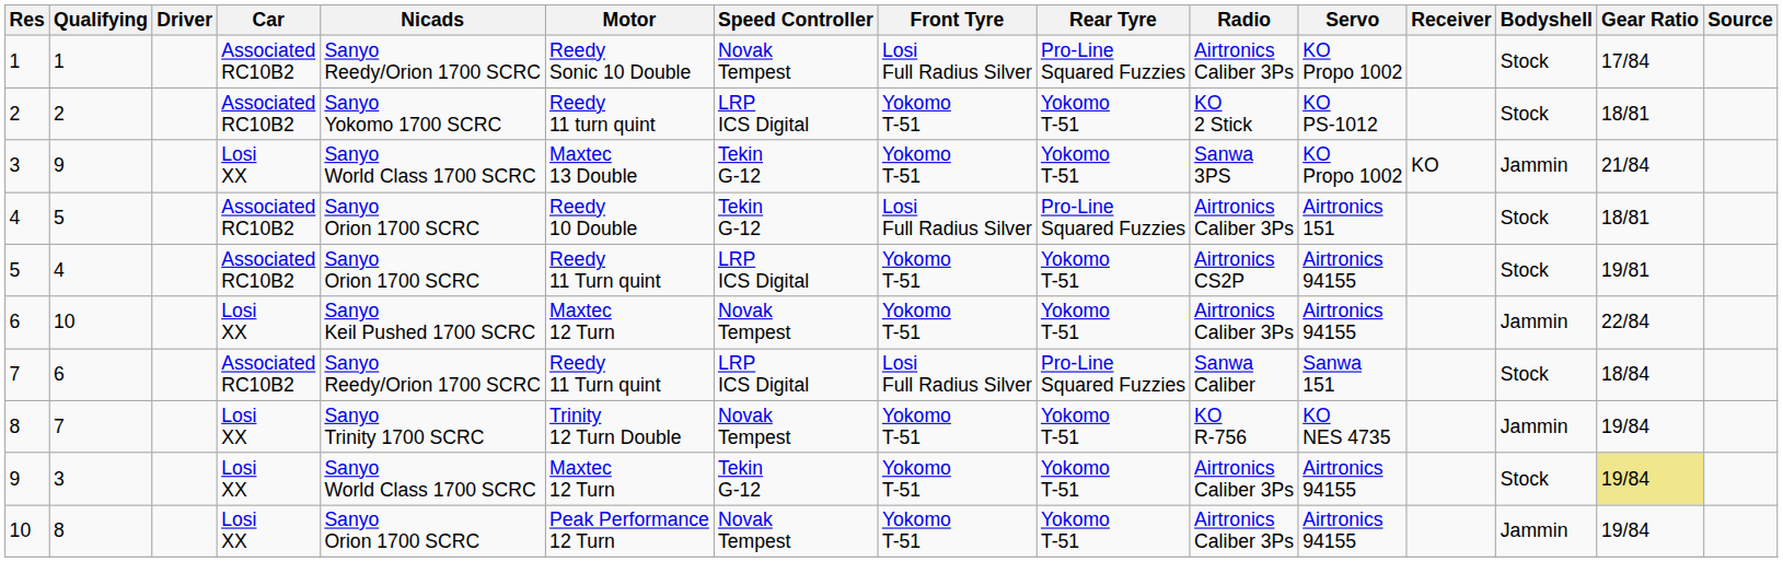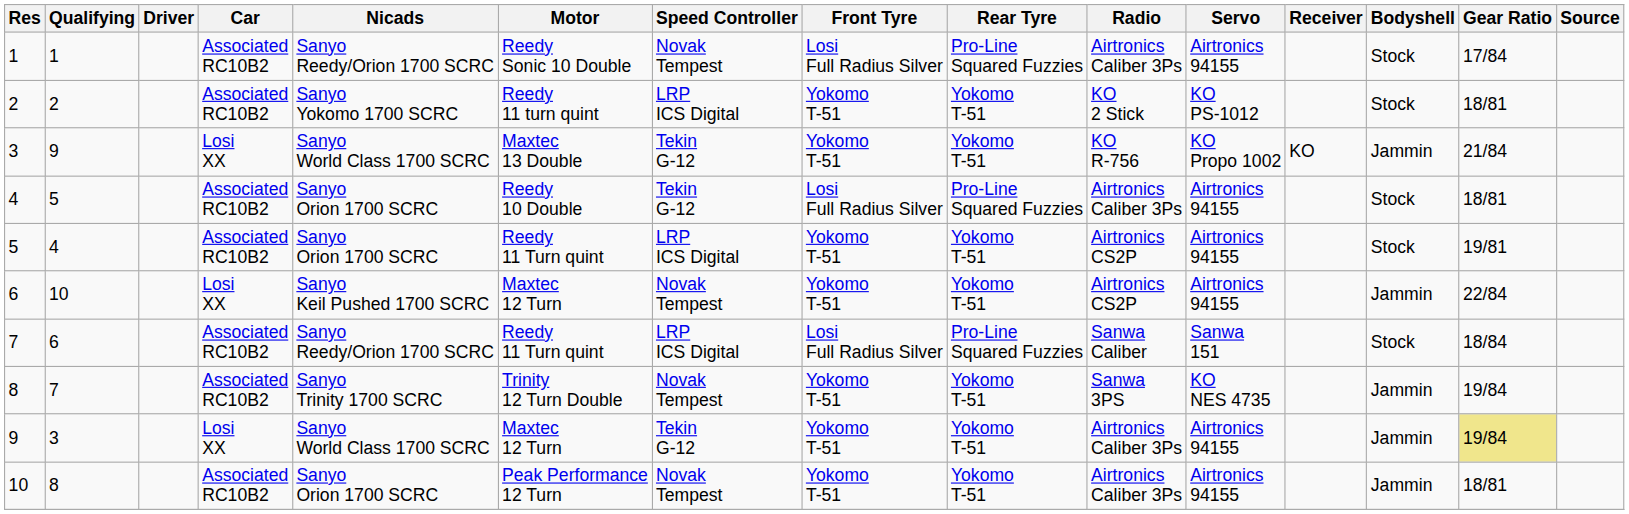 <table class="wikitable sortable">
 <tr>
 <th>Res</th>
 <th>Qualifying</th>
 <th>Driver</th>
 <th>Car</th>
 <th>Nicads</th>
 <th>Motor</th>
 <th>Speed Controller</th>
 <th>Front Tyre</th>
 <th>Rear Tyre</th>
 <th>Radio</th>
 <th>Servo</th>
 <th>Receiver</th>
 <th>Bodyshell</th>
 <th>Gear Ratio</th>
 <th>Source</th>
 </tr>
 <tr>
 <td>1</td>
 <td>1</td>
 <td></td>
 <td><a href='#'>Associated</a> <br> RC10B2</td>
 <td><a href='#'>Sanyo</a> <br> Reedy/Orion 1700 SCRC</td>
 <td><a href='#'>Reedy</a> <br> Sonic 10 Double</td>
 <td><a href='#'>Novak</a> <br> Tempest</td>
 <td><a href='#'>Losi</a> <br> Full Radius Silver</td>
 <td><a href='#'>Pro-Line</a> <br> Squared Fuzzies</td>
 <td><a href='#'>Airtronics</a> <br> Caliber 3Ps</td>
-<td><a href='#'>KO</a> <br> Propo 1002</td>
+<td><a href='#'>Airtronics</a> <br> 94155</td>
 <td></td>
 <td>Stock</td>
 <td>17/84</td>
 <td></td>
 </tr>
 <tr>
 <td>2</td>
 <td>2</td>
 <td></td>
 <td><a href='#'>Associated</a> <br> RC10B2</td>
 <td><a href='#'>Sanyo</a> <br> Yokomo 1700 SCRC</td>
 <td><a href='#'>Reedy</a> <br> 11 turn quint</td>
 <td><a href='#'>LRP</a> <br> ICS Digital</td>
 <td><a href='#'>Yokomo</a> <br> T-51</td>
 <td><a href='#'>Yokomo</a> <br> T-51</td>
 <td><a href='#'>KO</a> <br> 2 Stick</td>
 <td><a href='#'>KO</a> <br> PS-1012</td>
 <td></td>
 <td>Stock</td>
 <td>18/81</td>
 <td></td>
 </tr>
 <tr>
 <td>3</td>
 <td>9</td>
 <td></td>
 <td><a href='#'>Losi</a> <br> XX</td>
 <td><a href='#'>Sanyo</a> <br> World Class 1700 SCRC</td>
 <td><a href='#'>Maxtec</a> <br> 13 Double</td>
 <td><a href='#'>Tekin</a> <br> G-12</td>
 <td><a href='#'>Yokomo</a> <br> T-51</td>
 <td><a href='#'>Yokomo</a> <br> T-51</td>
-<td><a href='#'>Sanwa</a> <br> 3PS</td>
+<td><a href='#'>KO</a> <br> R-756</td>
 <td><a href='#'>KO</a> <br> Propo 1002</td>
 <td>KO</td>
 <td>Jammin</td>
 <td>21/84</td>
 <td></td>
 </tr>
 <tr>
 <td>4</td>
 <td>5</td>
 <td></td>
 <td><a href='#'>Associated</a> <br> RC10B2</td>
 <td><a href='#'>Sanyo</a> <br> Orion 1700 SCRC</td>
 <td><a href='#'>Reedy</a> <br> 10 Double</td>
 <td><a href='#'>Tekin</a> <br> G-12</td>
 <td><a href='#'>Losi</a> <br> Full Radius Silver</td>
 <td><a href='#'>Pro-Line</a> <br> Squared Fuzzies</td>
 <td><a href='#'>Airtronics</a> <br> Caliber 3Ps</td>
-<td><a href='#'>Airtronics</a> <br> 151</td>
+<td><a href='#'>Airtronics</a> <br> 94155</td>
 <td></td>
 <td>Stock</td>
 <td>18/81</td>
 <td></td>
 </tr>
 <tr>
 <td>5</td>
 <td>4</td>
 <td></td>
 <td><a href='#'>Associated</a> <br> RC10B2</td>
 <td><a href='#'>Sanyo</a> <br> Orion 1700 SCRC</td>
 <td><a href='#'>Reedy</a> <br> 11 Turn quint</td>
 <td><a href='#'>LRP</a> <br> ICS Digital</td>
 <td><a href='#'>Yokomo</a> <br> T-51</td>
 <td><a href='#'>Yokomo</a> <br> T-51</td>
 <td><a href='#'>Airtronics</a> <br> CS2P</td>
 <td><a href='#'>Airtronics</a> <br> 94155</td>
 <td></td>
 <td>Stock</td>
 <td>19/81</td>
 <td></td>
 </tr>
 <tr>
 <td>6</td>
 <td>10</td>
 <td></td>
 <td><a href='#'>Losi</a> <br> XX</td>
 <td><a href='#'>Sanyo</a> <br> Keil Pushed 1700 SCRC</td>
 <td><a href='#'>Maxtec</a> <br> 12 Turn</td>
 <td><a href='#'>Novak</a> <br> Tempest</td>
 <td><a href='#'>Yokomo</a> <br> T-51</td>
 <td><a href='#'>Yokomo</a> <br> T-51</td>
-<td><a href='#'>Airtronics</a> <br> Caliber 3Ps</td>
+<td><a href='#'>Airtronics</a> <br> CS2P</td>
 <td><a href='#'>Airtronics</a> <br> 94155</td>
 <td></td>
 <td>Jammin</td>
 <td>22/84</td>
 <td></td>
 </tr>
 <tr>
 <td>7</td>
 <td>6</td>
 <td></td>
 <td><a href='#'>Associated</a> <br> RC10B2</td>
 <td><a href='#'>Sanyo</a> <br> Reedy/Orion 1700 SCRC</td>
 <td><a href='#'>Reedy</a> <br> 11 Turn quint</td>
 <td><a href='#'>LRP</a> <br> ICS Digital</td>
 <td><a href='#'>Losi</a> <br> Full Radius Silver</td>
 <td><a href='#'>Pro-Line</a> <br> Squared Fuzzies</td>
 <td><a href='#'>Sanwa</a> <br> Caliber</td>
 <td><a href='#'>Sanwa</a> <br> 151</td>
 <td></td>
 <td>Stock</td>
 <td>18/84</td>
 <td></td>
 </tr>
 <tr>
 <td>8</td>
 <td>7</td>
 <td></td>
-<td><a href='#'>Losi</a> <br> XX</td>
+<td><a href='#'>Associated</a> <br> RC10B2</td>
 <td><a href='#'>Sanyo</a> <br> Trinity 1700 SCRC</td>
 <td><a href='#'>Trinity</a> <br> 12 Turn Double</td>
 <td><a href='#'>Novak</a> <br> Tempest</td>
 <td><a href='#'>Yokomo</a> <br> T-51</td>
 <td><a href='#'>Yokomo</a> <br> T-51</td>
-<td><a href='#'>KO</a> <br> R-756</td>
+<td><a href='#'>Sanwa</a> <br> 3PS</td>
 <td><a href='#'>KO</a> <br> NES 4735</td>
 <td></td>
 <td>Jammin</td>
 <td>19/84</td>
 <td></td>
 </tr>
 <tr>
 <td>9</td>
 <td>3</td>
 <td></td>
 <td><a href='#'>Losi</a> <br> XX</td>
 <td><a href='#'>Sanyo</a> <br> World Class 1700 SCRC</td>
 <td><a href='#'>Maxtec</a> <br> 12 Turn</td>
 <td><a href='#'>Tekin</a> <br> G-12</td>
 <td><a href='#'>Yokomo</a> <br> T-51</td>
 <td><a href='#'>Yokomo</a> <br> T-51</td>
 <td><a href='#'>Airtronics</a> <br> Caliber 3Ps</td>
 <td><a href='#'>Airtronics</a> <br> 94155</td>
 <td></td>
-<td>Stock</td>
+<td>Jammin</td>
 <td style="background: khaki;">19/84</td>
 <td></td>
 </tr>
 <tr>
 <td>10</td>
 <td>8</td>
 <td></td>
-<td><a href='#'>Losi</a> <br> XX</td>
+<td><a href='#'>Associated</a> <br> RC10B2</td>
 <td><a href='#'>Sanyo</a> <br> Orion 1700 SCRC</td>
 <td><a href='#'>Peak Performance</a> <br> 12 Turn</td>
 <td><a href='#'>Novak</a> <br> Tempest</td>
 <td><a href='#'>Yokomo</a> <br> T-51</td>
 <td><a href='#'>Yokomo</a> <br> T-51</td>
 <td><a href='#'>Airtronics</a> <br> Caliber 3Ps</td>
 <td><a href='#'>Airtronics</a> <br> 94155</td>
 <td></td>
 <td>Jammin</td>
-<td>19/84</td>
+<td>18/81</td>
 <td></td>
 </tr>
 <tr>
 </tr>
 </table>
